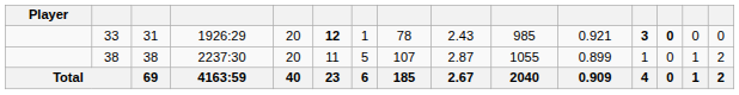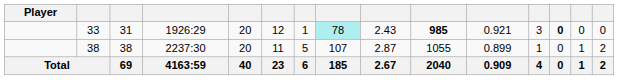 <table class="wikitable sortable" style="width:100%; text-align:center;">
 <tr>
 <th>Player</th>
 <th></th>
 <th></th>
 <th></th>
 <th></th>
 <th></th>
 <th></th>
 <th></th>
 <th></th>
 <th></th>
 <th></th>
 <th></th>
 <th></th>
 <th></th>
 <th></th>
 </tr>
 <tr>
 <td></td>
 <td>33</td>
 <td>31</td>
 <td>1926:29</td>
 <td>20</td>
-<td><strong>12</strong></td>
+<td>12</td>
 <td>1</td>
-<td>78</td>
+<td style="background: paleturquoise;">78</td>
 <td>2.43</td>
-<td>985</td>
+<td><strong>985</strong></td>
 <td>0.921</td>
-<td><strong>3</strong></td>
+<td>3</td>
 <td><strong>0</strong></td>
 <td>0</td>
 <td>0</td>
 </tr>
 <tr>
 <td></td>
 <td>38</td>
 <td>38</td>
 <td>2237:30</td>
 <td>20</td>
 <td>11</td>
 <td>5</td>
 <td>107</td>
 <td>2.87</td>
 <td>1055</td>
 <td>0.899</td>
 <td>1</td>
 <td>0</td>
 <td>1</td>
 <td>2</td>
 </tr>
 <tr class="sortbottom">
 <th colspan=2>Total</th>
 <th>69</th>
 <th>4163:59</th>
 <th>40</th>
 <th>23</th>
 <th>6</th>
 <th>185</th>
 <th>2.67</th>
 <th>2040</th>
 <th>0.909</th>
 <th>4</th>
 <th>0</th>
 <th>1</th>
 <th>2</th>
 </tr>
 </table>
